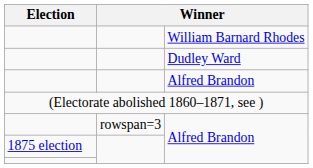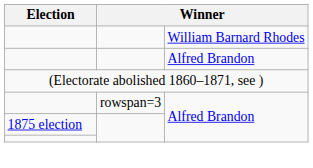 <table class=wikitable>
 <tr>
 <th width=100>Election</th>
 <th width=175 colspan=2>Winner</th>
 </tr>
 <tr>
 <td></td>
 <td></td>
 <td><a href='#'>William Barnard Rhodes</a></td>
-</tr>
-<tr>
-<td></td>
-<td></td>
-<td><a href='#'>Dudley Ward</a></td>
 </tr>
 <tr>
 <td></td>
 <td></td>
 <td><a href='#'>Alfred Brandon</a></td>
 </tr>
 <tr>
 <td colspan=3 align=center><span>(Electorate abolished 1860–1871, see )</span></td>
 </tr>
 <tr>
 <td></td>
 <td>rowspan=3 </td>
 <td rowspan=3><a href='#'>Alfred Brandon</a></td>
 </tr>
 <tr>
 <td><a href='#'>1875 election</a></td>
 </tr>
 <tr>
 <td></td>
 </tr>
 </table>
